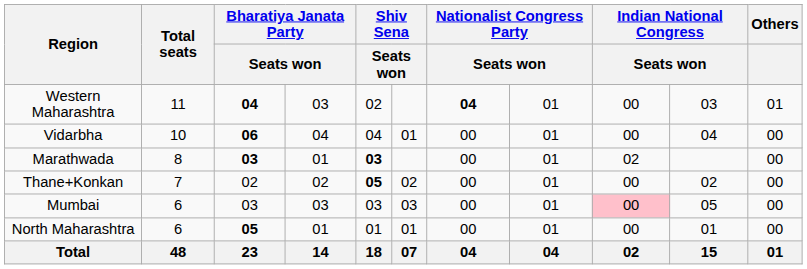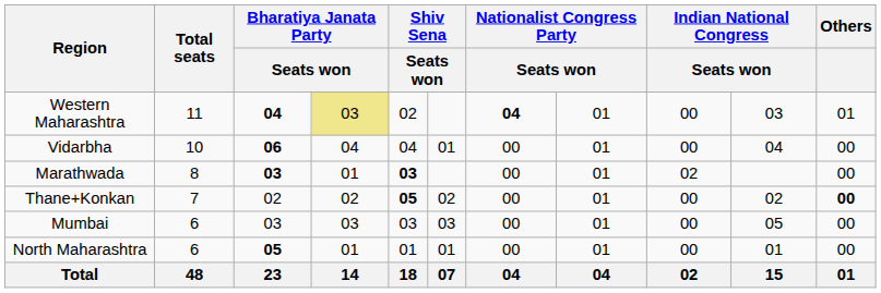 <table class="wikitable sortable" style="text-align:center;">
 <tr>
 <th rowspan="2">Region</th>
 <th rowspan="2">Total seats</th>
 <th colspan="2"><a href='#'>Bharatiya Janata Party</a></th>
 <th colspan="2"><a href='#'>Shiv Sena</a></th>
 <th colspan="2"><a href='#'>Nationalist Congress Party</a></th>
 <th colspan="2"><a href='#'>Indian National Congress</a></th>
 <th>Others</th>
 </tr>
 <tr>
 <th colspan="2">Seats won</th>
 <th colspan="2">Seats won</th>
 <th colspan="2">Seats won</th>
 <th colspan="2">Seats won</th>
 <th></th>
 </tr>
 <tr>
 <td>Western Maharashtra</td>
 <td>11</td>
 <td><strong>04</strong></td>
-<td> 03</td>
+<td style="background: khaki;"> 03</td>
 <td>02</td>
 <td></td>
 <td><strong>04</strong></td>
 <td> 01</td>
 <td>00</td>
 <td> 03</td>
 <td>01</td>
 </tr>
 <tr>
 <td>Vidarbha</td>
 <td>10</td>
 <td><strong>06</strong></td>
 <td> 04</td>
 <td>04</td>
 <td> 01</td>
 <td>00</td>
 <td> 01</td>
 <td>00</td>
 <td> 04</td>
 <td>00</td>
 </tr>
 <tr>
 <td>Marathwada</td>
 <td>8</td>
 <td><strong>03</strong></td>
 <td> 01</td>
 <td><strong>03</strong></td>
 <td></td>
 <td>00</td>
 <td> 01</td>
 <td>02</td>
 <td></td>
 <td>00</td>
 </tr>
 <tr>
 <td>Thane+Konkan</td>
 <td>7</td>
 <td>02</td>
 <td> 02</td>
 <td><strong>05</strong></td>
 <td> 02</td>
 <td>00</td>
 <td> 01</td>
 <td>00</td>
 <td> 02</td>
-<td>00</td>
+<td><strong>00</strong></td>
 </tr>
 <tr>
 <td>Mumbai</td>
 <td>6</td>
 <td>03</td>
 <td> 03</td>
 <td>03</td>
 <td> 03</td>
 <td>00</td>
 <td> 01</td>
-<td style="background: pink;">00</td>
+<td>00</td>
 <td> 05</td>
 <td>00</td>
 </tr>
 <tr>
 <td>North Maharashtra</td>
 <td>6</td>
 <td><strong>05</strong></td>
 <td> 01</td>
 <td>01</td>
 <td> 01</td>
 <td>00</td>
 <td> 01</td>
 <td>00</td>
 <td> 01</td>
 <td>00</td>
 </tr>
 <tr>
 <th><strong>Total</strong></th>
 <th><strong>48</strong></th>
 <th><strong>23</strong></th>
 <th> 14</th>
 <th><strong>18</strong></th>
 <th> 07</th>
 <th>04</th>
 <th> 04</th>
 <th>02</th>
 <th> 15</th>
 <th>01</th>
 </tr>
 </table>
